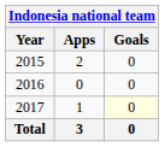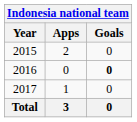 <table class="wikitable" style="text-align:center">
 <tr>
 <th colspan=3><a href='#'>Indonesia national team</a></th>
 </tr>
 <tr>
 <th>Year</th>
 <th>Apps</th>
 <th>Goals</th>
 </tr>
 <tr>
 <td>2015</td>
 <td>2</td>
 <td>0</td>
 </tr>
 <tr>
 <td>2016</td>
 <td>0</td>
-<td>0</td>
+<td><strong>0</strong></td>
 </tr>
 <tr>
 <td>2017</td>
 <td>1</td>
-<td style="background: lightyellow;">0</td>
+<td>0</td>
 </tr>
 <tr>
 <th>Total</th>
 <th>3</th>
 <th>0</th>
 </tr>
 </table>
